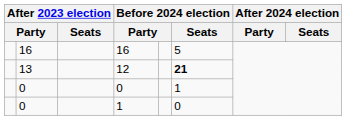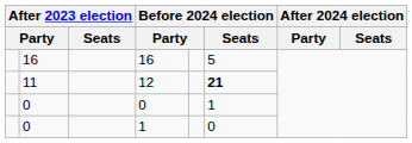 <table class="wikitable">
 <tr>
 <th colspan="3">After <a href='#'>2023 election</a></th>
 <th colspan="3">Before 2024 election</th>
 <th colspan="3">After 2024 election</th>
 </tr>
 <tr>
 <th colspan="2">Party</th>
 <th>Seats</th>
 <th colspan="2">Party</th>
 <th>Seats</th>
 <th colspan="2">Party</th>
 <th>Seats</th>
 </tr>
 <tr>
 <td></td>
 <td>16</td>
 <td></td>
 <td>16</td>
 <td></td>
 <td>5</td>
 </tr>
 <tr>
 <td></td>
-<td>13</td>
+<td>11</td>
 <td></td>
 <td>12</td>
 <td></td>
 <td><strong>21</strong></td>
 </tr>
 <tr>
 <td></td>
 <td>0</td>
 <td></td>
 <td>0</td>
 <td></td>
 <td>1</td>
 </tr>
 <tr>
 <td></td>
 <td>0</td>
 <td></td>
 <td>1</td>
 <td></td>
 <td>0</td>
 </tr>
 </table>
